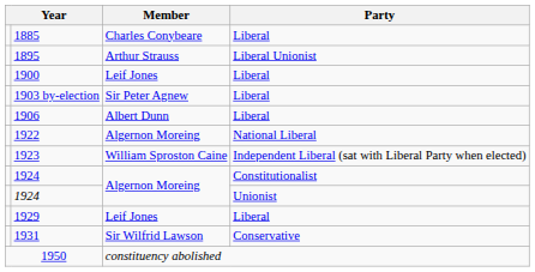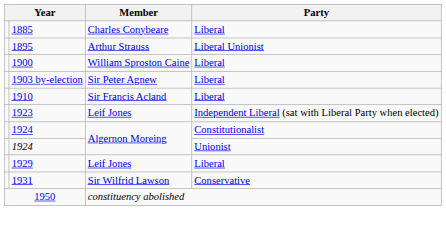 <table class="wikitable">
 <tr>
 <th colspan="2">Year</th>
 <th>Member</th>
 <th>Party</th>
 </tr>
 <tr>
 <td style="color:inherit;background-color: "></td>
 <td><a href='#'>1885</a></td>
 <td><a href='#'>Charles Conybeare</a></td>
 <td><a href='#'>Liberal</a></td>
 </tr>
 <tr>
 <td style="color:inherit;background-color: "></td>
 <td><a href='#'>1895</a></td>
 <td><a href='#'>Arthur Strauss</a></td>
 <td><a href='#'>Liberal Unionist</a></td>
 </tr>
 <tr>
 <td style="color:inherit;background-color: "></td>
 <td><a href='#'>1900</a></td>
-<td><a href='#'>Leif Jones</a></td>
+<td><a href='#'>William Sproston Caine</a></td>
 <td><a href='#'>Liberal</a></td>
 </tr>
 <tr>
 <td style="color:inherit;background-color: "></td>
 <td><a href='#'>1903 by-election</a></td>
 <td><a href='#'>Sir Peter Agnew</a></td>
 <td><a href='#'>Liberal</a></td>
 </tr>
 <tr>
 <td style="color:inherit;background-color: "></td>
-<td><a href='#'>1906</a></td>
-<td><a href='#'>Albert Dunn</a></td>
+<td><a href='#'>1910</a></td>
+<td><a href='#'>Sir Francis Acland</a></td>
 <td><a href='#'>Liberal</a></td>
 </tr>
 <tr>
 <td style="color:inherit;background-color: "></td>
-<td><a href='#'>1922</a></td>
-<td><a href='#'>Algernon Moreing</a></td>
-<td><a href='#'>National Liberal</a></td>
-</tr>
-<tr>
-<td style="color:inherit;background-color: "></td>
 <td><a href='#'>1923</a></td>
-<td><a href='#'>William Sproston Caine</a></td>
+<td><a href='#'>Leif Jones</a></td>
 <td><a href='#'>Independent Liberal</a> (sat with Liberal Party when elected)</td>
 </tr>
 <tr>
 <td style="color:inherit;background-color: "></td>
 <td><a href='#'>1924</a></td>
 <td rowspan="2"><a href='#'>Algernon Moreing</a></td>
 <td><a href='#'>Constitutionalist</a></td>
 </tr>
 <tr>
 <td style="color:inherit;background-color: "></td>
 <td><em>1924</em></td>
 <td><a href='#'>Unionist</a></td>
 </tr>
 <tr>
 <td style="color:inherit;background-color: "></td>
 <td><a href='#'>1929</a></td>
 <td><a href='#'>Leif Jones</a></td>
 <td><a href='#'>Liberal</a></td>
 </tr>
 <tr>
 <td style="color:inherit;background-color: "></td>
 <td><a href='#'>1931</a></td>
 <td><a href='#'>Sir Wilfrid Lawson</a></td>
 <td><a href='#'>Conservative</a></td>
 </tr>
 <tr>
 <td colspan="2" align="center"><a href='#'>1950</a></td>
 <td colspan="2"><em>constituency abolished</em></td>
 </tr>
 </table>
